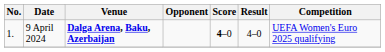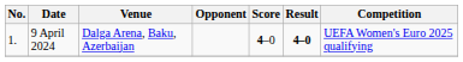 <table class="wikitable">
 <tr>
 <th>No.</th>
 <th>Date</th>
 <th>Venue</th>
 <th>Opponent</th>
 <th>Score</th>
 <th>Result</th>
 <th>Competition</th>
 </tr>
 <tr>
 <td>1.</td>
 <td>9 April 2024</td>
-<td><strong><a href='#'>Dalga Arena</a>, <a href='#'>Baku</a>, <a href='#'>Azerbaijan</a></strong></td>
+<td><a href='#'>Dalga Arena</a>, <a href='#'>Baku</a>, <a href='#'>Azerbaijan</a></td>
 <td></td>
 <td align=center><strong>4</strong>–0</td>
-<td align=center>4–0</td>
+<td align=center><strong>4–0</strong></td>
 <td><a href='#'>UEFA Women's Euro 2025 qualifying</a></td>
 </tr>
 <tr>
 </tr>
 </table>
